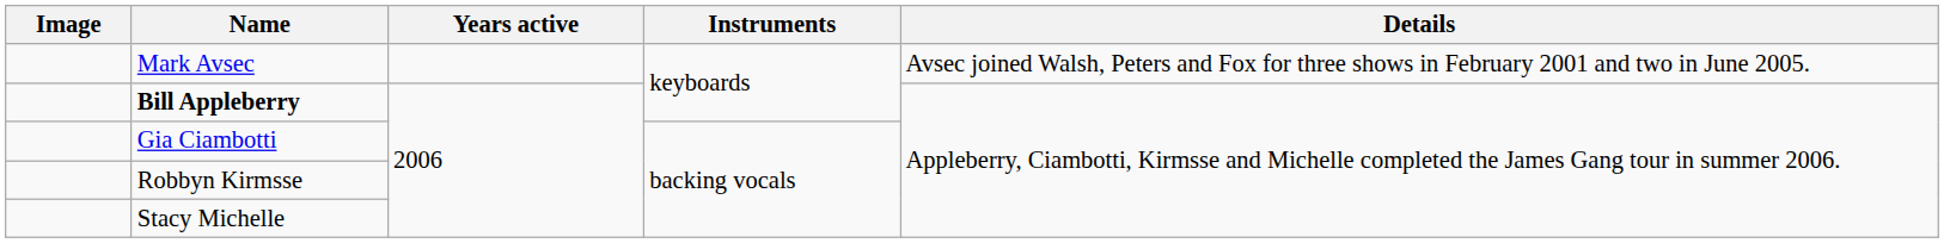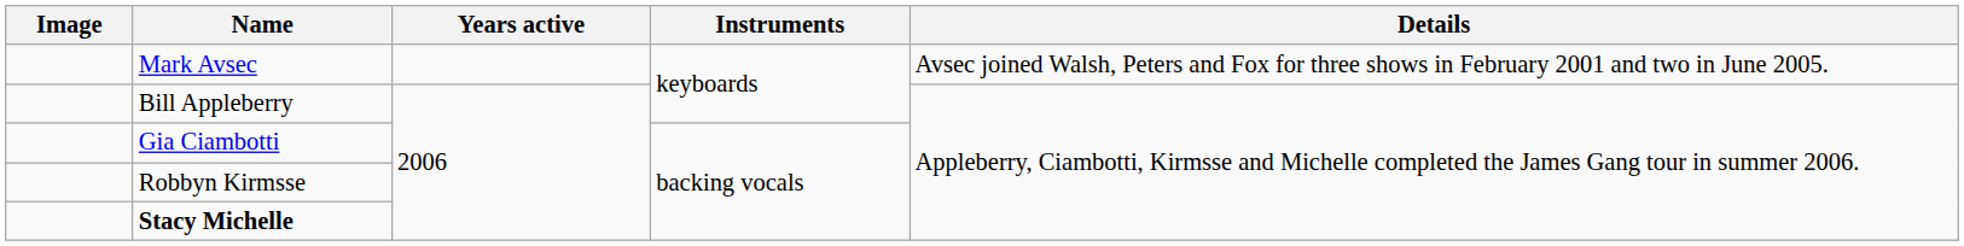 <table class="wikitable" border="1" width=100%>
 <tr>
 <th width="75">Image</th>
 <th width="160">Name</th>
 <th width="160">Years active</th>
 <th width="160">Instruments</th>
 <th>Details</th>
 </tr>
 <tr>
 <td></td>
 <td><a href='#'>Mark Avsec</a></td>
 <td></td>
 <td rowspan="2">keyboards</td>
 <td>Avsec joined Walsh, Peters and Fox for three shows in February 2001 and two in June 2005.</td>
 </tr>
 <tr>
 <td></td>
-<td><strong>Bill Appleberry</strong></td>
+<td>Bill Appleberry</td>
 <td rowspan="4">2006</td>
 <td rowspan="4">Appleberry, Ciambotti, Kirmsse and Michelle completed the James Gang tour in summer 2006.</td>
 </tr>
 <tr>
 <td></td>
 <td><a href='#'>Gia Ciambotti</a></td>
 <td rowspan="3">backing vocals</td>
 </tr>
 <tr>
 <td></td>
 <td>Robbyn Kirmsse</td>
 </tr>
 <tr>
 <td></td>
-<td>Stacy Michelle</td>
+<td><strong>Stacy Michelle</strong></td>
 </tr>
 </table>
